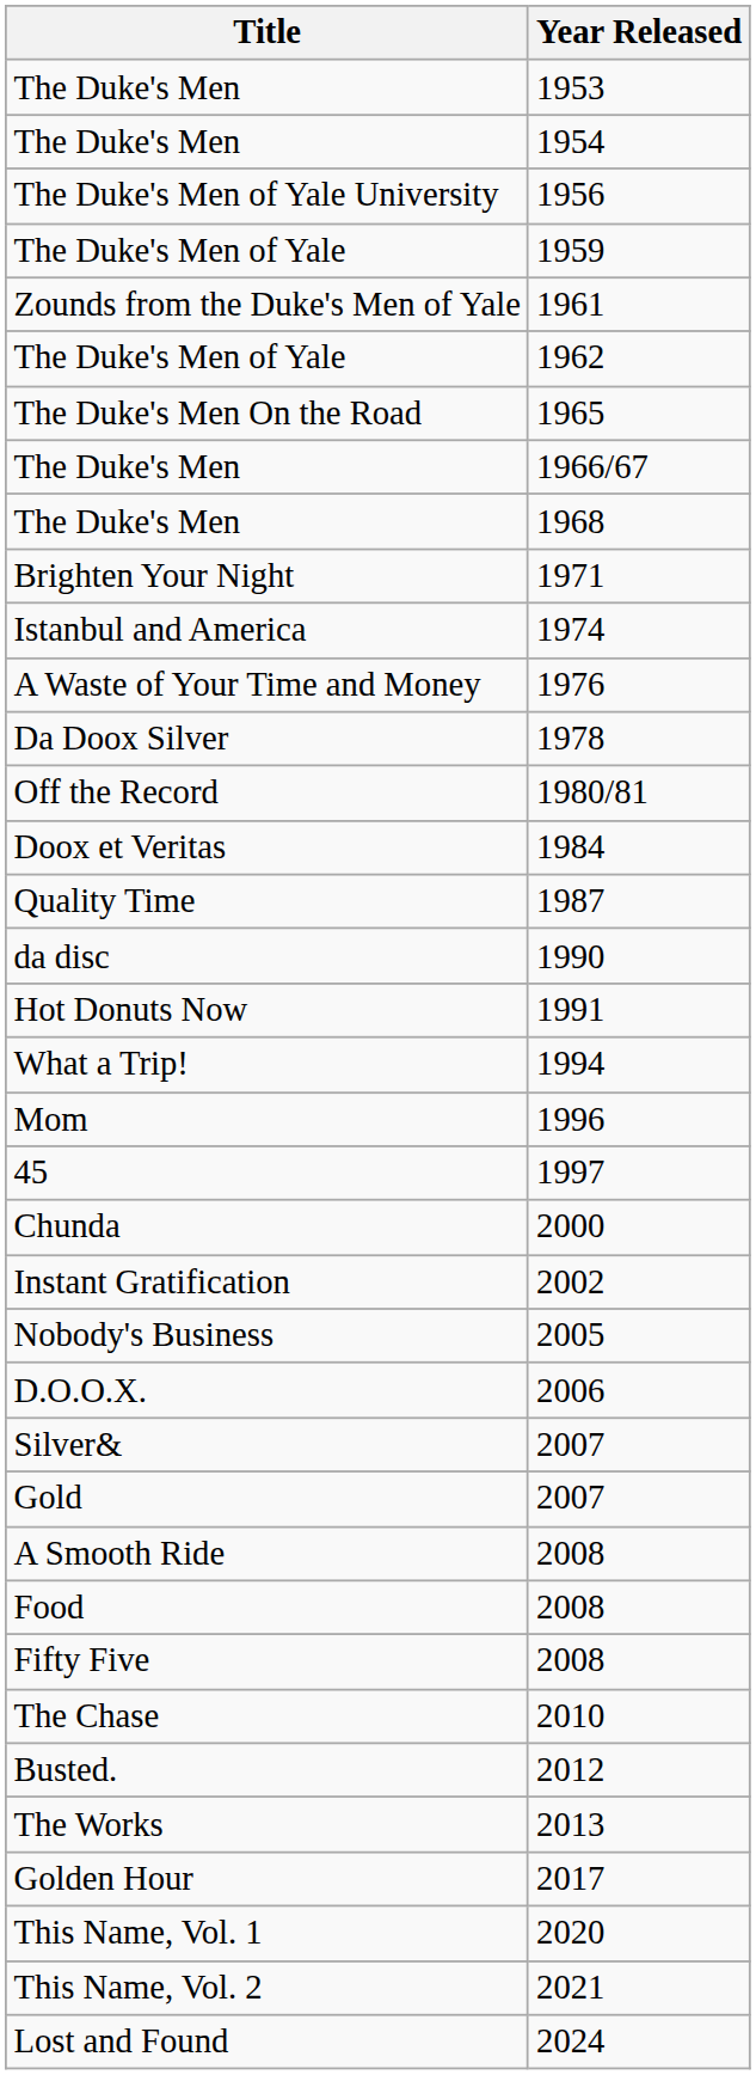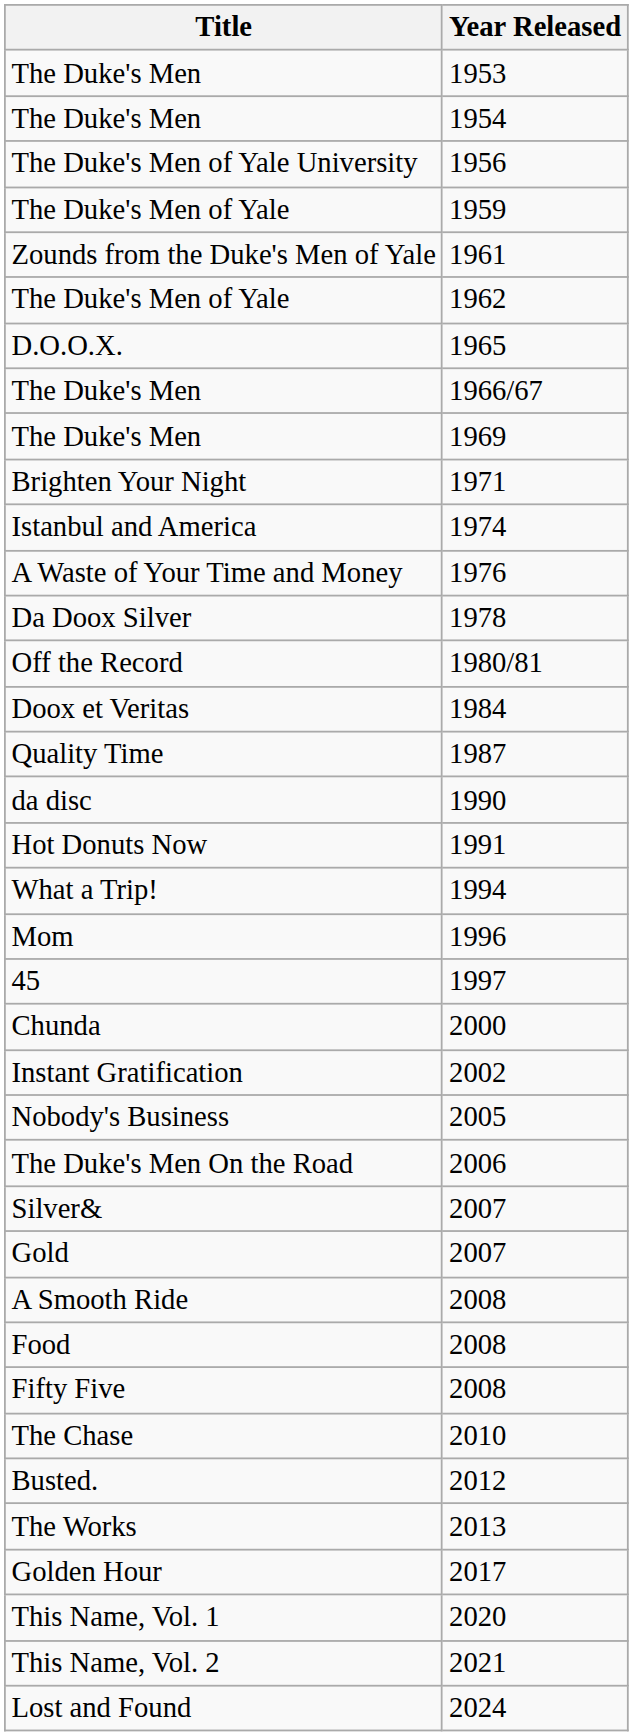 <table class="wikitable">
 <tr>
 <th>Title</th>
 <th>Year Released</th>
 </tr>
 <tr>
 <td>The Duke's Men</td>
 <td>1953</td>
 </tr>
 <tr>
 <td>The Duke's Men</td>
 <td>1954</td>
 </tr>
 <tr>
 <td>The Duke's Men of Yale University</td>
 <td>1956</td>
 </tr>
 <tr>
 <td>The Duke's Men of Yale</td>
 <td>1959</td>
 </tr>
 <tr>
 <td>Zounds from the Duke's Men of Yale</td>
 <td>1961</td>
 </tr>
 <tr>
 <td>The Duke's Men of Yale</td>
 <td>1962</td>
 </tr>
 <tr>
-<td>The Duke's Men On the Road</td>
+<td>D.O.O.X.</td>
 <td>1965</td>
 </tr>
 <tr>
 <td>The Duke's Men</td>
 <td>1966/67</td>
 </tr>
 <tr>
 <td>The Duke's Men</td>
-<td>1968</td>
+<td>1969</td>
 </tr>
 <tr>
 <td>Brighten Your Night</td>
 <td>1971</td>
 </tr>
 <tr>
 <td>Istanbul and America</td>
 <td>1974</td>
 </tr>
 <tr>
 <td>A Waste of Your Time and Money</td>
 <td>1976</td>
 </tr>
 <tr>
 <td>Da Doox Silver</td>
 <td>1978</td>
 </tr>
 <tr>
 <td>Off the Record</td>
 <td>1980/81</td>
 </tr>
 <tr>
 <td>Doox et Veritas</td>
 <td>1984</td>
 </tr>
 <tr>
 <td>Quality Time</td>
 <td>1987</td>
 </tr>
 <tr>
 <td>da disc</td>
 <td>1990</td>
 </tr>
 <tr>
 <td>Hot Donuts Now</td>
 <td>1991</td>
 </tr>
 <tr>
 <td>What a Trip!</td>
 <td>1994</td>
 </tr>
 <tr>
 <td>Mom</td>
 <td>1996</td>
 </tr>
 <tr>
 <td>45</td>
 <td>1997</td>
 </tr>
 <tr>
 <td>Chunda</td>
 <td>2000</td>
 </tr>
 <tr>
 <td>Instant Gratification</td>
 <td>2002</td>
 </tr>
 <tr>
 <td>Nobody's Business</td>
 <td>2005</td>
 </tr>
 <tr>
-<td>D.O.O.X.</td>
+<td>The Duke's Men On the Road</td>
 <td>2006</td>
 </tr>
 <tr>
 <td>Silver&</td>
 <td>2007</td>
 </tr>
 <tr>
 <td>Gold</td>
 <td>2007</td>
 </tr>
 <tr>
 <td>A Smooth Ride</td>
 <td>2008</td>
 </tr>
 <tr>
 <td>Food</td>
 <td>2008</td>
 </tr>
 <tr>
 <td>Fifty Five</td>
 <td>2008</td>
 </tr>
 <tr>
 <td>The Chase</td>
 <td>2010</td>
 </tr>
 <tr>
 <td>Busted.</td>
 <td>2012</td>
 </tr>
 <tr>
 <td>The Works</td>
 <td>2013</td>
 </tr>
 <tr>
 <td>Golden Hour</td>
 <td>2017</td>
 </tr>
 <tr>
 <td>This Name, Vol. 1</td>
 <td>2020</td>
 </tr>
 <tr>
 <td>This Name, Vol. 2</td>
 <td>2021</td>
 </tr>
 <tr>
 <td>Lost and Found</td>
 <td>2024</td>
 </tr>
 </table>
